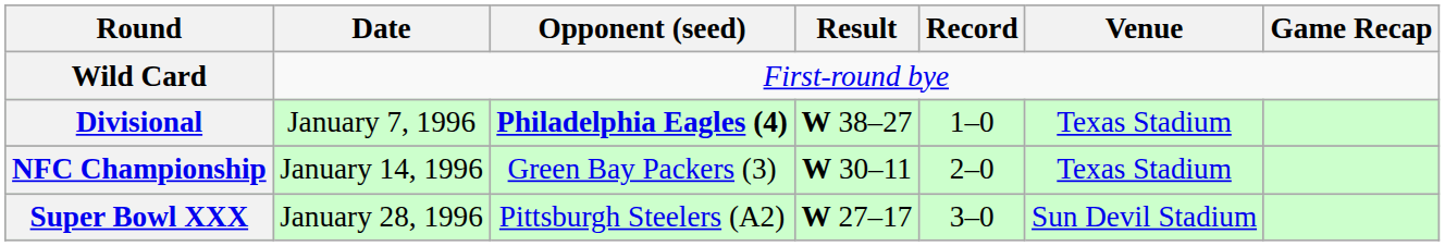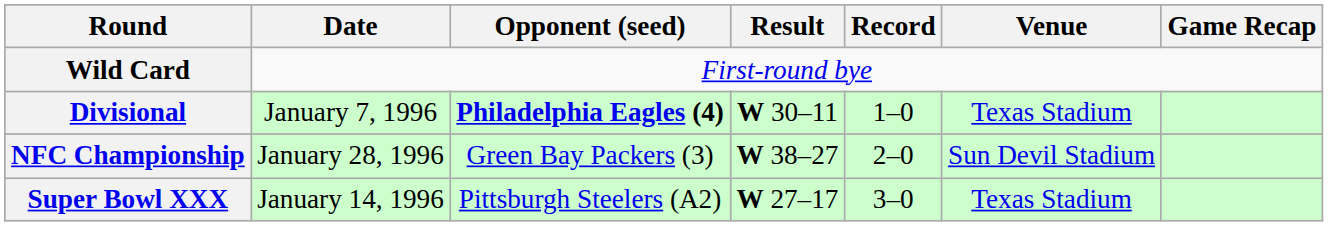 <table class="wikitable" style="text-align:center">
 <tr>
 <th>Round</th>
 <th>Date</th>
 <th>Opponent (seed)</th>
 <th>Result</th>
 <th>Record</th>
 <th>Venue</th>
 <th>Game Recap</th>
 </tr>
 <tr>
 <th>Wild Card</th>
 <td colspan=6><em><a href='#'>First-round bye</a></em></td>
 </tr>
 <tr style="background:#cfc">
 <th><a href='#'>Divisional</a></th>
 <td>January 7, 1996</td>
 <td><strong><a href='#'>Philadelphia Eagles</a> (4)</strong></td>
-<td><strong>W</strong> 38–27</td>
+<td><strong>W</strong> 30–11</td>
 <td>1–0</td>
 <td><a href='#'>Texas Stadium</a></td>
 <td></td>
 </tr>
 <tr style="background:#cfc">
 <th><a href='#'>NFC Championship</a></th>
-<td>January 14, 1996</td>
+<td>January 28, 1996</td>
 <td><a href='#'>Green Bay Packers</a> (3)</td>
-<td><strong>W</strong> 30–11</td>
+<td><strong>W</strong> 38–27</td>
 <td>2–0</td>
-<td><a href='#'>Texas Stadium</a></td>
+<td><a href='#'>Sun Devil Stadium</a></td>
 <td></td>
 </tr>
 <tr style="background:#cfc">
 <th><a href='#'>Super Bowl XXX</a></th>
-<td>January 28, 1996</td>
+<td>January 14, 1996</td>
 <td><a href='#'>Pittsburgh Steelers</a> (A2)</td>
 <td><strong>W</strong> 27–17</td>
 <td>3–0</td>
-<td><a href='#'>Sun Devil Stadium</a></td>
+<td><a href='#'>Texas Stadium</a></td>
 <td></td>
 </tr>
 </table>
